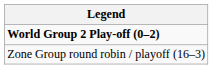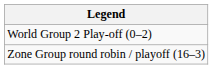 <table class="wikitable" style="font-size:90%">
 <tr>
 <th>Legend</th>
 </tr>
 <tr>
-<td><strong>World Group 2 Play-off (0–2)</strong></td>
+<td>World Group 2 Play-off (0–2)</td>
 </tr>
 <tr>
 <td>Zone Group round robin / playoff (16–3)</td>
 </tr>
 </table>
